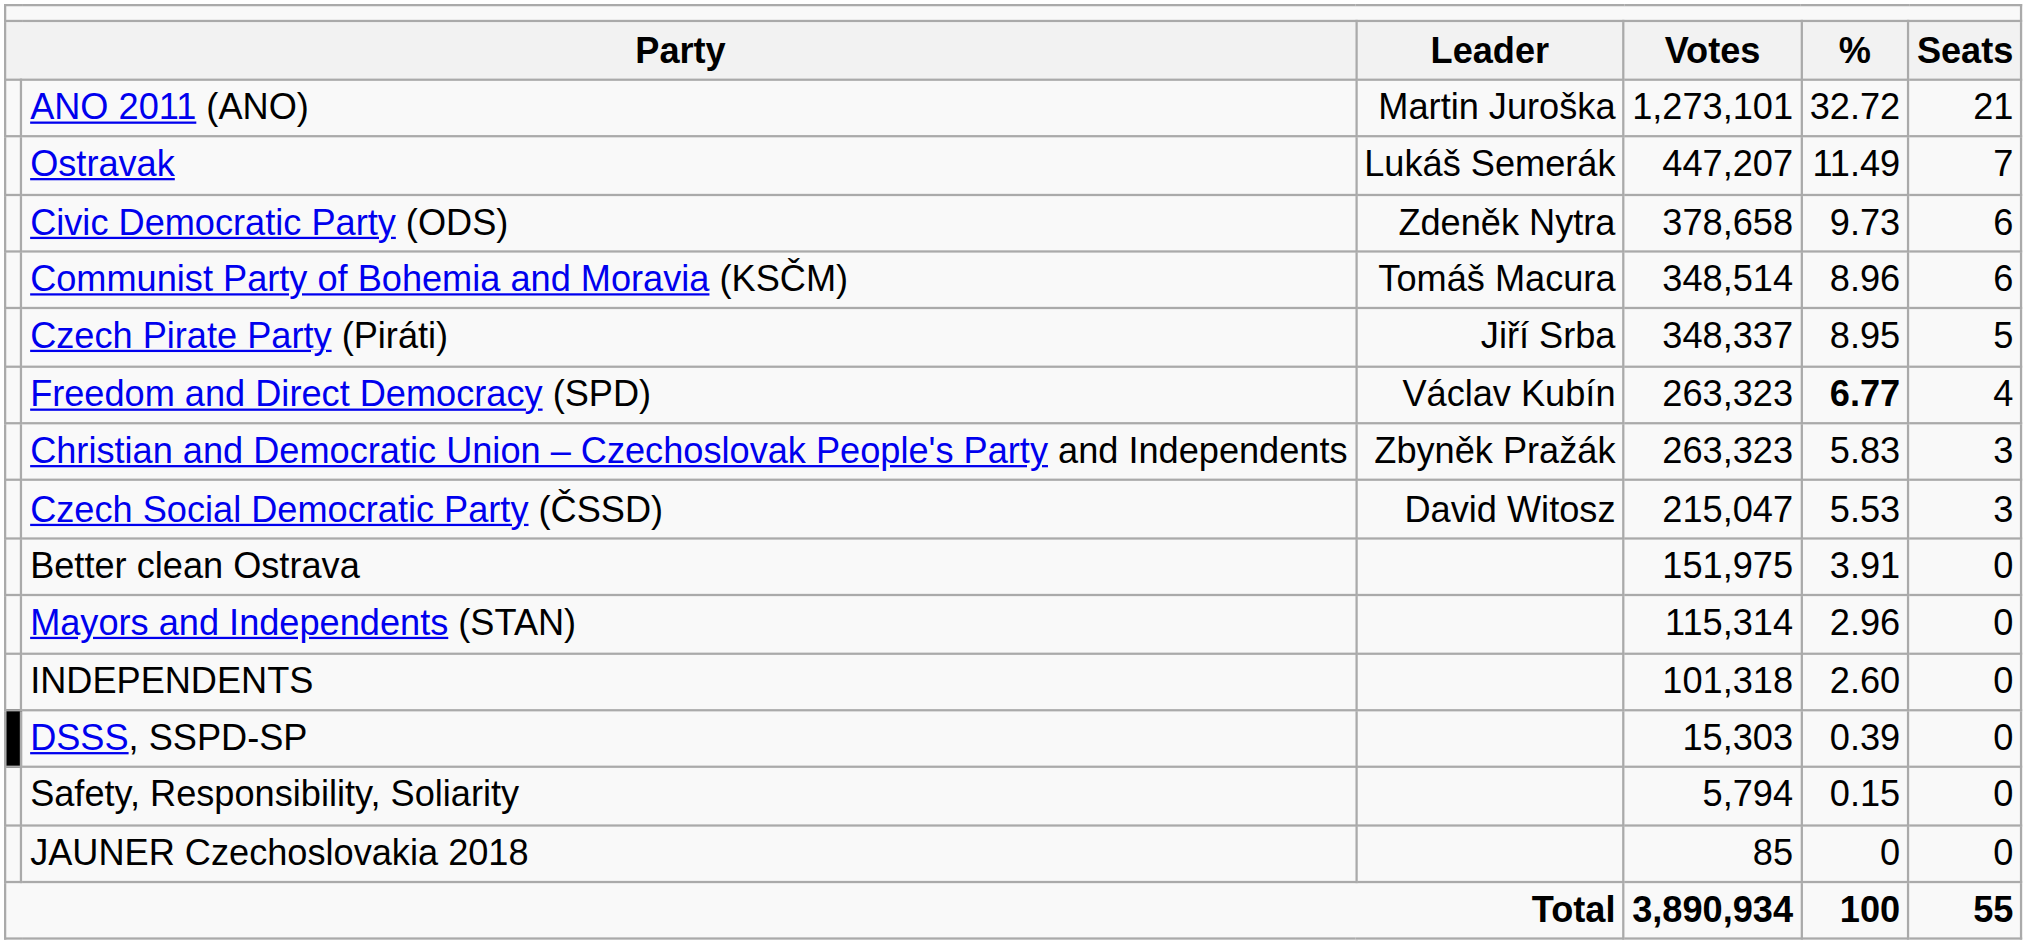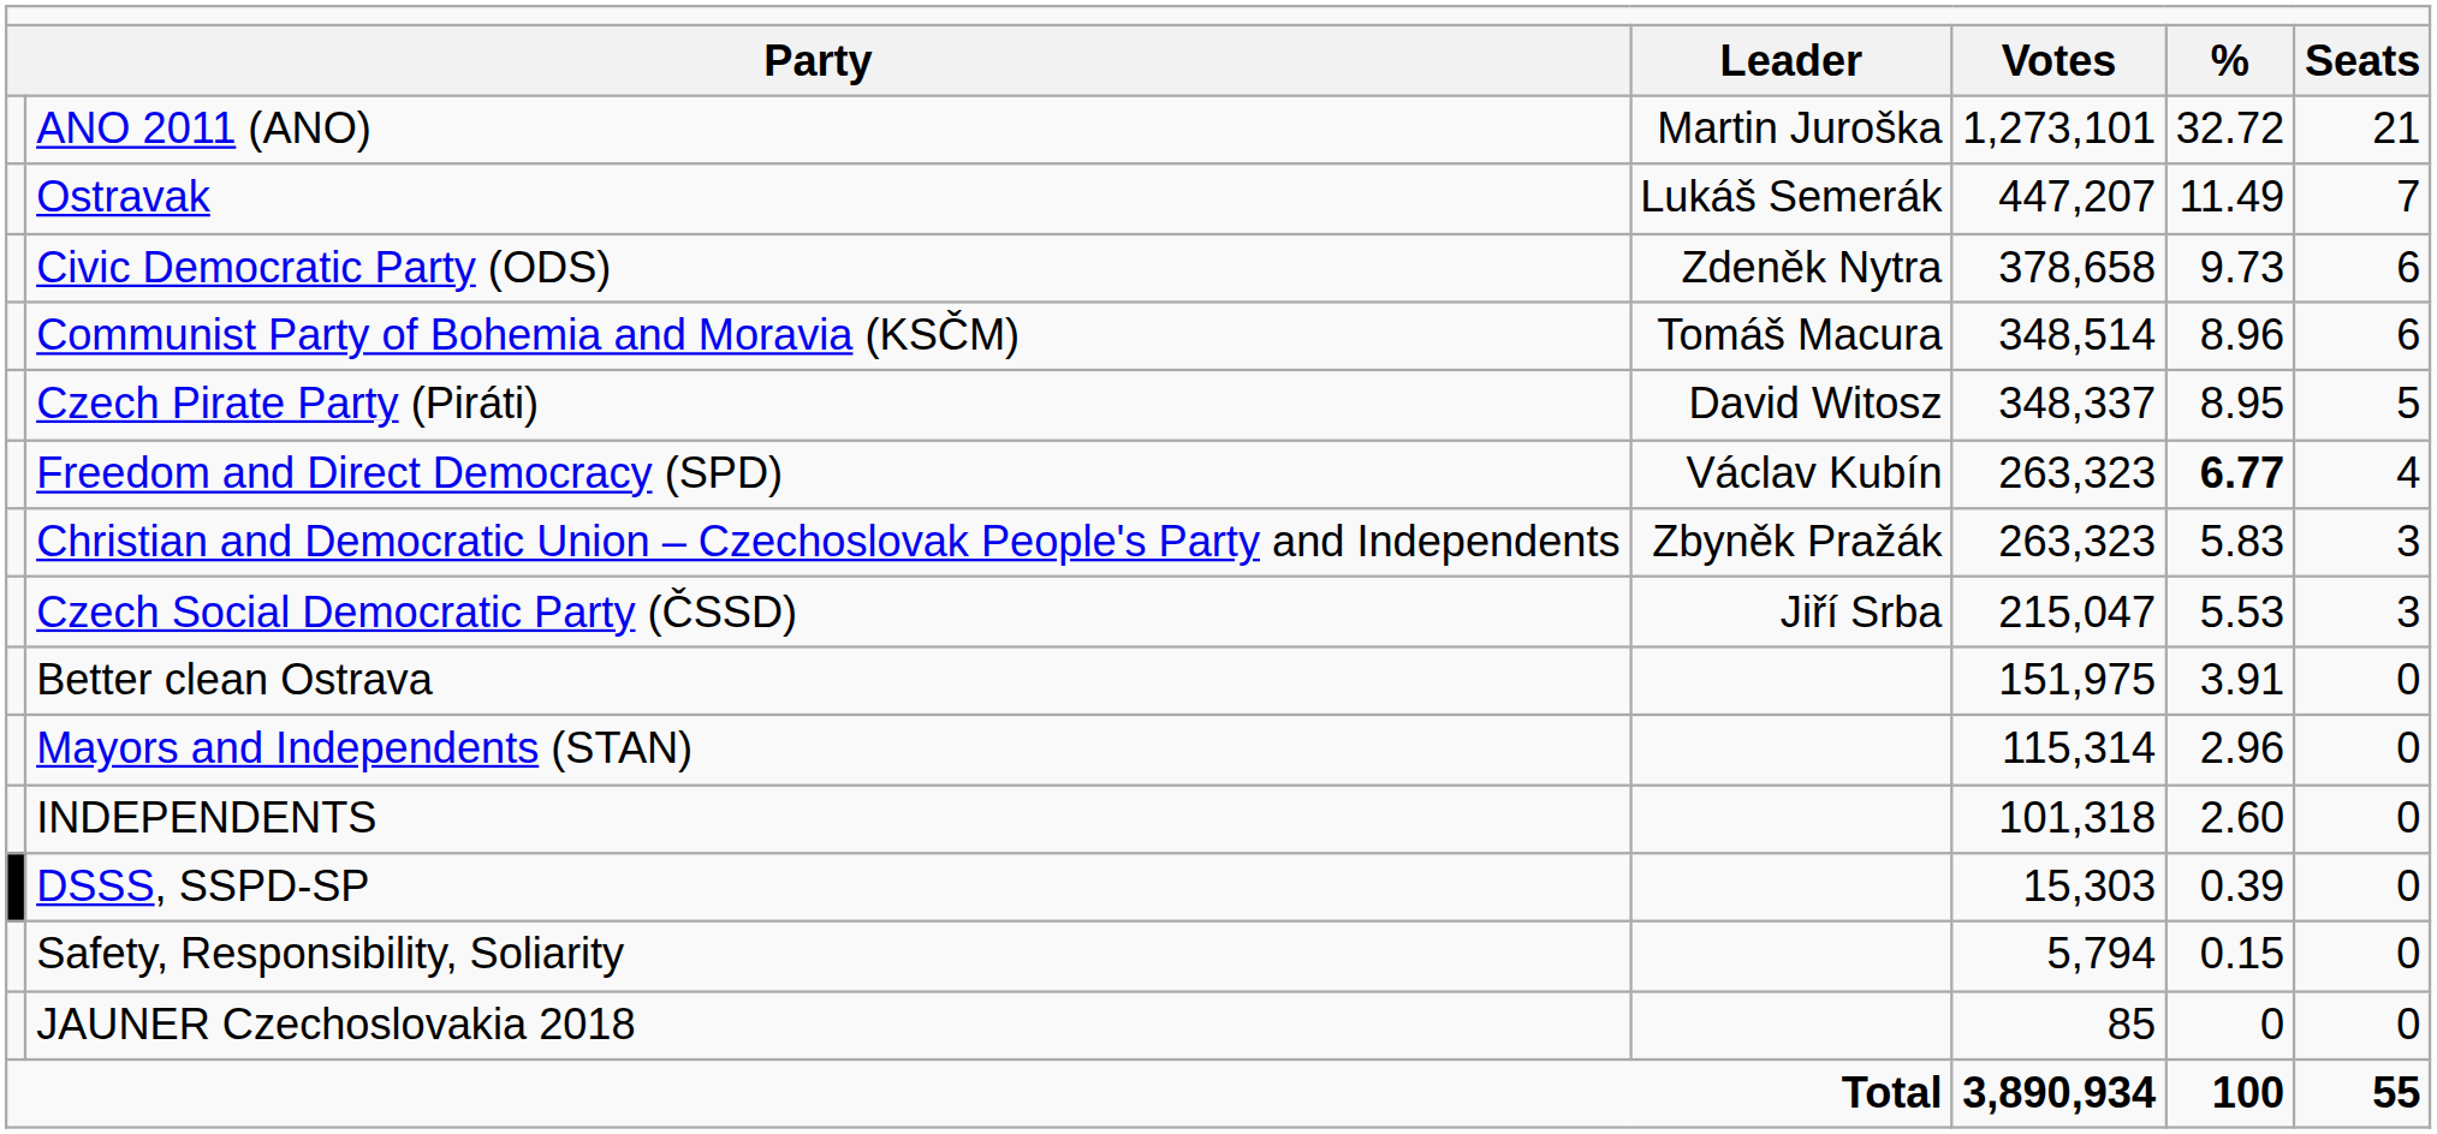 <table class=wikitable style=text-align:right>
 <tr>
 <td colspan=6 align=center></td>
 </tr>
 <tr>
 <th colspan=2>Party</th>
 <th>Leader</th>
 <th>Votes</th>
 <th>%</th>
 <th>Seats</th>
 </tr>
 <tr>
 <td></td>
 <td align=left><a href='#'>ANO 2011</a> (ANO)</td>
 <td>Martin Juroška</td>
 <td>1,273,101</td>
 <td>32.72</td>
 <td>21</td>
 </tr>
 <tr>
 <td></td>
 <td align=left><a href='#'>Ostravak</a></td>
 <td>Lukáš Semerák</td>
 <td>447,207</td>
 <td>11.49</td>
 <td>7</td>
 </tr>
 <tr>
 <td></td>
 <td align=left><a href='#'>Civic Democratic Party</a> (ODS)</td>
 <td>Zdeněk Nytra</td>
 <td>378,658</td>
 <td>9.73</td>
 <td>6</td>
 </tr>
 <tr>
 <td></td>
 <td align=left><a href='#'>Communist Party of Bohemia and Moravia</a> (KSČM)</td>
 <td>Tomáš Macura</td>
 <td>348,514</td>
 <td>8.96</td>
 <td>6</td>
 </tr>
 <tr>
 <td></td>
 <td align=left><a href='#'>Czech Pirate Party</a> (Piráti)</td>
-<td>Jiří Srba</td>
+<td>David Witosz</td>
 <td>348,337</td>
 <td>8.95</td>
 <td>5</td>
 </tr>
 <tr>
 <td></td>
 <td align=left><a href='#'>Freedom and Direct Democracy</a> (SPD)</td>
 <td>Václav Kubín</td>
 <td>263,323</td>
 <td><strong>6.77</strong></td>
 <td>4</td>
 </tr>
 <tr>
 <td></td>
 <td align=left><a href='#'>Christian and Democratic Union – Czechoslovak People's Party</a> and Independents</td>
 <td>Zbyněk Pražák</td>
 <td>263,323</td>
 <td>5.83</td>
 <td>3</td>
 </tr>
 <tr>
 <td></td>
 <td align=left><a href='#'>Czech Social Democratic Party</a>  (ČSSD)</td>
-<td>David Witosz</td>
+<td>Jiří Srba</td>
 <td>215,047</td>
 <td>5.53</td>
 <td>3</td>
 </tr>
 <tr>
 <td bgcolor=></td>
 <td align=left>Better clean Ostrava</td>
 <td></td>
 <td>151,975</td>
 <td>3.91</td>
 <td>0</td>
 </tr>
 <tr>
 <td></td>
 <td align=left><a href='#'>Mayors and Independents</a> (STAN)</td>
 <td></td>
 <td>115,314</td>
 <td>2.96</td>
 <td>0</td>
 </tr>
 <tr>
 <td bgcolor=></td>
 <td align=left>INDEPENDENTS</td>
 <td></td>
 <td>101,318</td>
 <td>2.60</td>
 <td>0</td>
 </tr>
 <tr>
 <td bgcolor="black"></td>
 <td align=left><a href='#'>DSSS</a>, SSPD-SP</td>
 <td></td>
 <td>15,303</td>
 <td>0.39</td>
 <td>0</td>
 </tr>
 <tr>
 <td bgcolor=></td>
 <td align=left>Safety, Responsibility, Soliarity</td>
 <td></td>
 <td>5,794</td>
 <td>0.15</td>
 <td>0</td>
 </tr>
 <tr>
 <td bgcolor=></td>
 <td align=left>JAUNER Czechoslovakia 2018</td>
 <td></td>
 <td>85</td>
 <td>0</td>
 <td>0</td>
 </tr>
 <tr>
 <td colspan="3"><strong>Total</strong></td>
 <td><strong>3,890,934</strong></td>
 <td><strong>100</strong></td>
 <td><strong>55</strong></td>
 </tr>
 </table>
